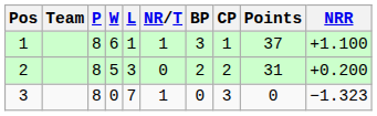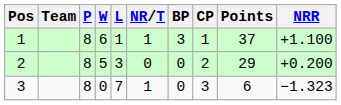 <table class="wikitable">
 <tr>
 <th>Pos</th>
 <th>Team</th>
 <th><a href='#'>P</a></th>
 <th><a href='#'>W</a></th>
 <th><a href='#'>L</a></th>
 <th><a href='#'>NR</a>/<a href='#'>T</a></th>
 <th>BP</th>
 <th>CP</th>
 <th>Points</th>
 <th><a href='#'>NRR</a></th>
 </tr>
 <tr align="center" bgcolor="#ccffcc">
 <td>1</td>
 <td align="left"></td>
 <td>8</td>
 <td>6</td>
 <td>1</td>
 <td>1</td>
 <td>3</td>
 <td>1</td>
 <td>37</td>
 <td>+1.100</td>
 </tr>
 <tr align="center" bgcolor="#ccffcc">
 <td>2</td>
 <td align="left"></td>
 <td>8</td>
 <td>5</td>
 <td>3</td>
 <td>0</td>
+<td>0</td>
 <td>2</td>
-<td>2</td>
-<td>31</td>
+<td>29</td>
 <td>+0.200</td>
 </tr>
 <tr align="center">
 <td>3</td>
 <td align="left"></td>
 <td>8</td>
 <td>0</td>
 <td>7</td>
 <td>1</td>
 <td>0</td>
 <td>3</td>
-<td>0</td>
+<td>6</td>
 <td>−1.323</td>
 </tr>
 </table>
